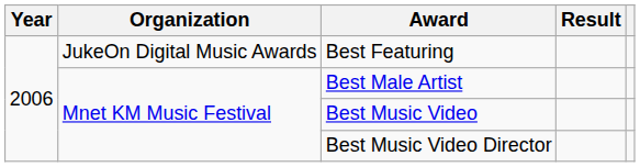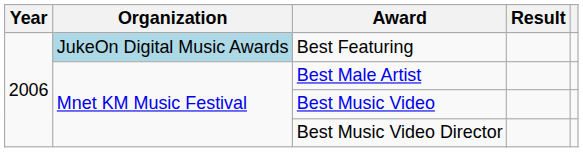 <table class="wikitable plainrowheaders">
 <tr>
 <th scope="col">Year</th>
 <th scope="col">Organization</th>
 <th scope="col">Award</th>
 <th scope="col">Result</th>
 <th></th>
 </tr>
 <tr>
 <td rowspan="4">2006</td>
-<td>JukeOn Digital Music Awards</td>
+<td style="background: lightblue;">JukeOn Digital Music Awards</td>
 <td>Best Featuring</td>
 <td></td>
 <td align="center"></td>
 </tr>
 <tr>
 <td rowspan="3"><a href='#'>Mnet KM Music Festival</a></td>
 <td><a href='#'>Best Male Artist</a></td>
 <td></td>
 <td align="center"></td>
 </tr>
 <tr>
 <td><a href='#'>Best Music Video</a></td>
 <td></td>
 <td></td>
 </tr>
 <tr>
 <td>Best Music Video Director</td>
 <td></td>
 </tr>
 </table>
